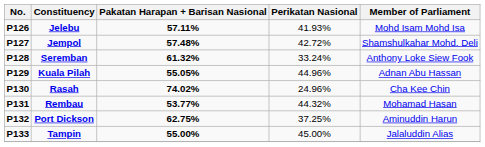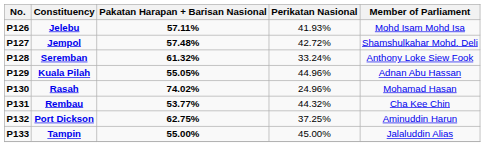 <table class="wikitable sortable" style="text-align:center; font-size:90%">
 <tr>
 <th>No.</th>
 <th>Constituency</th>
 <th>Pakatan Harapan + Barisan Nasional</th>
 <th>Perikatan Nasional</th>
 <th>Member of Parliament</th>
 </tr>
 <tr align="center">
 <td><strong>P126</strong></td>
 <td><strong><a href='#'>Jelebu</a></strong></td>
 <td><strong>57.11%</strong></td>
 <td>41.93%</td>
 <td><a href='#'>Mohd Isam Mohd Isa</a></td>
 </tr>
 <tr align="center">
 <td><strong>P127</strong></td>
 <td><strong><a href='#'>Jempol</a></strong></td>
 <td><strong>57.48%</strong></td>
 <td>42.72%</td>
 <td><a href='#'>Shamshulkahar Mohd. Deli</a></td>
 </tr>
 <tr align="center">
 <td><strong>P128</strong></td>
 <td><strong><a href='#'>Seremban</a></strong></td>
 <td><strong>61.32%</strong></td>
 <td>33.24%</td>
 <td><a href='#'>Anthony Loke Siew Fook</a></td>
 </tr>
 <tr align="center">
 <td><strong>P129</strong></td>
 <td><strong><a href='#'>Kuala Pilah</a></strong></td>
 <td><strong>55.05%</strong></td>
 <td>44.96%</td>
 <td><a href='#'>Adnan Abu Hassan</a></td>
 </tr>
 <tr align="center">
 <td><strong>P130</strong></td>
 <td><strong><a href='#'>Rasah</a></strong></td>
 <td><strong>74.02%</strong></td>
 <td>24.96%</td>
-<td><a href='#'>Cha Kee Chin</a></td>
+<td><a href='#'>Mohamad Hasan</a></td>
 </tr>
 <tr align="center">
 <td><strong>P131</strong></td>
 <td><strong><a href='#'>Rembau</a></strong></td>
 <td><strong>53.77%</strong></td>
 <td>44.32%</td>
-<td><a href='#'>Mohamad Hasan</a></td>
+<td><a href='#'>Cha Kee Chin</a></td>
 </tr>
 <tr align="center">
 <td><strong>P132</strong></td>
 <td><strong><a href='#'>Port Dickson</a></strong></td>
 <td><strong>62.75%</strong></td>
 <td>37.25%</td>
 <td><a href='#'>Aminuddin Harun</a></td>
 </tr>
 <tr align="center">
 <td><strong>P133</strong></td>
 <td><strong><a href='#'>Tampin</a></strong></td>
 <td><strong>55.00%</strong></td>
 <td>45.00%</td>
 <td><a href='#'>Jalaluddin Alias</a></td>
 </tr>
 <tr>
 </tr>
 </table>
